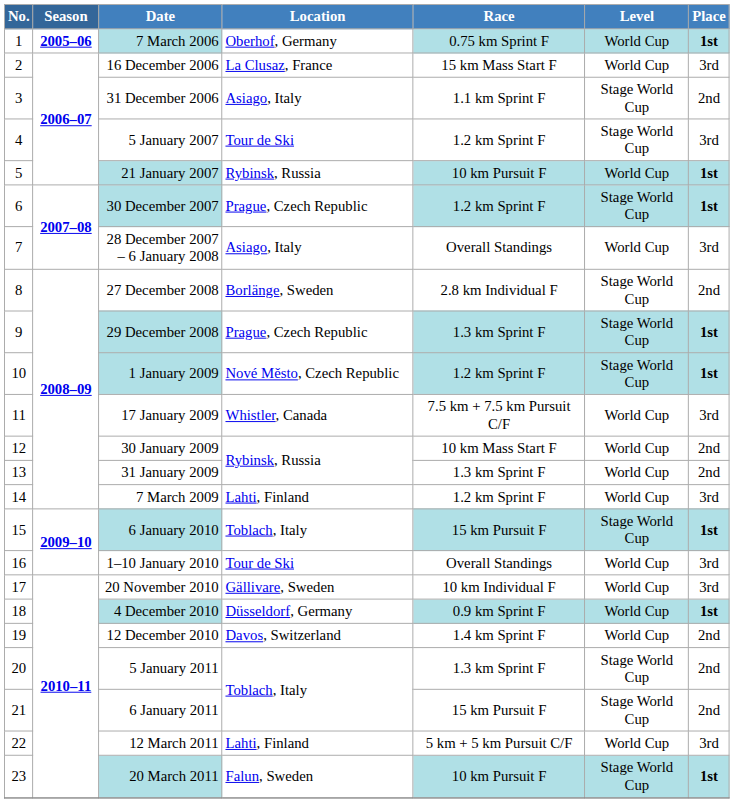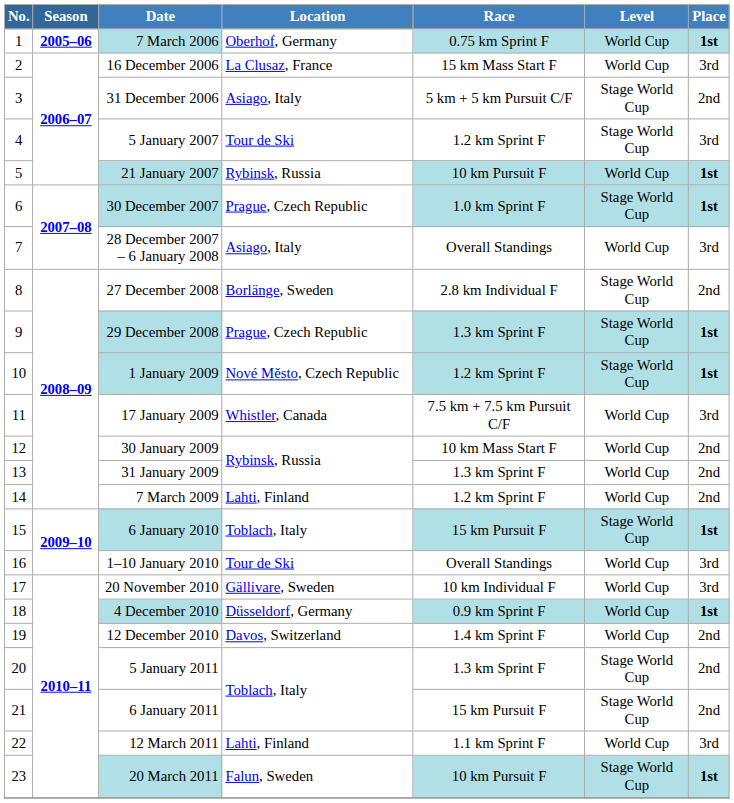 <table class="wikitable sortable" style="font-size:95%; text-align:center; border:grey solid 1px; border-collapse:collapse; background:#ffffff;">
 <tr style="background:#efefef;">
 <th style="background-color:#369; color:white;">No.</th>
 <th style="background-color:#369; color:white;">Season</th>
 <th style="background-color:#4180be; color:white; width:120px;">Date</th>
 <th style="background-color:#4180be; color:white; width:190px;">Location</th>
 <th style="background-color:#4180be; color:white; width:170px;">Race</th>
 <th style="background-color:#4180be; color:white; width:100px;">Level</th>
 <th style="background-color:#4180be; color:white;">Place</th>
 </tr>
 <tr>
 <td align=center>1</td>
 <td rowspan=1 align=center><strong><a href='#'>2005–06</a></strong></td>
 <td bgcolor="#BOEOE6" align=right>7 March 2006</td>
 <td align=left> <a href='#'>Oberhof</a>, Germany</td>
 <td bgcolor="#BOEOE6">0.75 km Sprint F</td>
 <td bgcolor="#BOEOE6">World Cup</td>
 <td bgcolor="#BOEOE6"><strong>1st</strong></td>
 </tr>
 <tr>
 <td align=center>2</td>
 <td rowspan=4 align=center><strong> <a href='#'>2006–07</a> </strong></td>
 <td align=right>16 December 2006</td>
 <td align=left> <a href='#'>La Clusaz</a>, France</td>
 <td>15 km Mass Start F</td>
 <td>World Cup</td>
 <td>3rd</td>
 </tr>
 <tr>
 <td align=center>3</td>
 <td align=right>31 December 2006</td>
 <td align=left> <a href='#'>Asiago</a>, Italy</td>
-<td>1.1 km Sprint F</td>
+<td>5 km + 5 km Pursuit C/F</td>
 <td>Stage World Cup</td>
 <td>2nd</td>
 </tr>
 <tr>
 <td align=center>4</td>
 <td align=right>5 January 2007</td>
 <td align=left> <a href='#'>Tour de Ski</a></td>
 <td>1.2 km Sprint F</td>
 <td>Stage World Cup</td>
 <td>3rd</td>
 </tr>
 <tr>
 <td align=center>5</td>
 <td bgcolor="#BOEOE6" align=right>21 January 2007</td>
 <td align=left> <a href='#'>Rybinsk</a>, Russia</td>
 <td bgcolor="#BOEOE6">10 km Pursuit F</td>
 <td bgcolor="#BOEOE6">World Cup</td>
 <td bgcolor="#BOEOE6"><strong>1st</strong></td>
 </tr>
 <tr>
 <td align=center>6</td>
 <td rowspan=2 align=center><strong><a href='#'>2007–08</a></strong></td>
 <td bgcolor="#BOEOE6" align=right>30 December 2007</td>
 <td align=left> <a href='#'>Prague</a>, Czech Republic</td>
-<td bgcolor="#BOEOE6">1.2 km Sprint F</td>
+<td bgcolor="#BOEOE6">1.0 km Sprint F</td>
 <td bgcolor="#BOEOE6">Stage World Cup</td>
 <td bgcolor="#BOEOE6"><strong>1st</strong></td>
 </tr>
 <tr>
 <td align=center>7</td>
 <td align=right>28 December 2007<br> – 6 January 2008</td>
 <td align=left> <a href='#'>Asiago</a>, Italy</td>
 <td>Overall Standings</td>
 <td>World Cup</td>
 <td>3rd</td>
 </tr>
 <tr>
 <td align=center>8</td>
 <td rowspan=7 align=center><strong> <a href='#'>2008–09</a> </strong></td>
 <td align=right>27 December 2008</td>
 <td align=left> <a href='#'>Borlänge</a>, Sweden</td>
 <td>2.8 km Individual F</td>
 <td>Stage World Cup</td>
 <td>2nd</td>
 </tr>
 <tr>
 <td align=center>9</td>
 <td bgcolor="#BOEOE6" align=right>29 December 2008</td>
 <td align=left> <a href='#'>Prague</a>, Czech Republic</td>
 <td bgcolor="#BOEOE6">1.3 km Sprint F</td>
 <td bgcolor="#BOEOE6">Stage World Cup</td>
 <td bgcolor="#BOEOE6"><strong>1st</strong></td>
 </tr>
 <tr>
 <td align=center>10</td>
 <td bgcolor="#BOEOE6" align=right>1 January 2009</td>
 <td align=left> <a href='#'>Nové Město</a>, Czech Republic</td>
 <td bgcolor="#BOEOE6">1.2 km Sprint F</td>
 <td bgcolor="#BOEOE6">Stage World Cup</td>
 <td bgcolor="#BOEOE6"><strong>1st</strong></td>
 </tr>
 <tr>
 <td align=center>11</td>
 <td align=right>17 January 2009</td>
 <td align=left> <a href='#'>Whistler</a>, Canada</td>
 <td>7.5 km + 7.5 km Pursuit C/F</td>
 <td>World Cup</td>
 <td>3rd</td>
 </tr>
 <tr>
 <td align=center>12</td>
 <td align=right>30 January 2009</td>
 <td rowspan=2 align=left> <a href='#'>Rybinsk</a>, Russia</td>
 <td>10 km Mass Start F</td>
 <td>World Cup</td>
 <td>2nd</td>
 </tr>
 <tr>
 <td align=center>13</td>
 <td align=right>31 January 2009</td>
 <td>1.3 km Sprint F</td>
 <td>World Cup</td>
 <td>2nd</td>
 </tr>
 <tr>
 <td align=center>14</td>
 <td align=right>7 March 2009</td>
 <td align=left> <a href='#'>Lahti</a>, Finland</td>
 <td>1.2 km Sprint F</td>
 <td>World Cup</td>
-<td>3rd</td>
+<td>2nd</td>
 </tr>
 <tr>
 <td align=center>15</td>
 <td rowspan=2 align=center><strong><a href='#'>2009–10</a></strong></td>
 <td bgcolor="#BOEOE6" align=right>6 January 2010</td>
 <td align=left> <a href='#'>Toblach</a>, Italy</td>
 <td bgcolor="#BOEOE6">15 km Pursuit F</td>
 <td bgcolor="#BOEOE6">Stage World Cup</td>
 <td bgcolor="#BOEOE6"><strong>1st</strong></td>
 </tr>
 <tr>
 <td align=center>16</td>
 <td align=right>1–10 January 2010</td>
 <td align=left> <a href='#'>Tour de Ski</a></td>
 <td>Overall Standings</td>
 <td>World Cup</td>
 <td>3rd</td>
 </tr>
 <tr>
 <td align=center>17</td>
 <td rowspan=7 align=center><strong> <a href='#'>2010–11</a> </strong></td>
 <td align=right>20 November 2010</td>
 <td align=left> <a href='#'>Gällivare</a>, Sweden</td>
 <td>10 km Individual F</td>
 <td>World Cup</td>
 <td>3rd</td>
 </tr>
 <tr>
 <td align=center>18</td>
 <td bgcolor="#BOEOE6" align=right>4 December 2010</td>
 <td align=left> <a href='#'>Düsseldorf</a>, Germany</td>
 <td bgcolor="#BOEOE6">0.9 km Sprint F</td>
 <td bgcolor="#BOEOE6">World Cup</td>
 <td bgcolor="#BOEOE6"><strong>1st</strong></td>
 </tr>
 <tr>
 <td align=center>19</td>
 <td align=right>12 December 2010</td>
 <td align=left> <a href='#'>Davos</a>, Switzerland</td>
 <td>1.4 km Sprint F</td>
 <td>World Cup</td>
 <td>2nd</td>
 </tr>
 <tr>
 <td align=center>20</td>
 <td align=right>5 January 2011</td>
 <td rowspan=2 align=left> <a href='#'>Toblach</a>, Italy</td>
 <td>1.3 km Sprint F</td>
 <td>Stage World Cup</td>
 <td>2nd</td>
 </tr>
 <tr>
 <td align=center>21</td>
 <td align=right>6 January 2011</td>
 <td>15 km Pursuit F</td>
 <td>Stage World Cup</td>
 <td>2nd</td>
 </tr>
 <tr>
 <td align=center>22</td>
 <td align=right>12 March 2011</td>
 <td align=left> <a href='#'>Lahti</a>, Finland</td>
-<td>5 km + 5 km Pursuit C/F</td>
+<td>1.1 km Sprint F</td>
 <td>World Cup</td>
 <td>3rd</td>
 </tr>
 <tr>
 <td align=center>23</td>
 <td bgcolor="#BOEOE6" align=right>20 March 2011</td>
 <td align=left> <a href='#'>Falun</a>, Sweden</td>
 <td bgcolor="#BOEOE6">10 km Pursuit F</td>
 <td bgcolor="#BOEOE6">Stage World Cup</td>
 <td bgcolor="#BOEOE6"><strong>1st</strong></td>
 </tr>
 <tr>
 </tr>
 </table>
